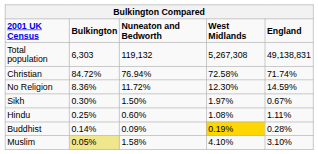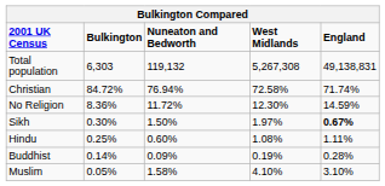 <table class="wikitable" style="float: right; margin-left: 2em; width: 40%; font-size: 90%;" cellspacing="3">
 <tr>
 <th colspan="5"><strong>Bulkington Compared</strong></th>
 </tr>
 <tr>
 <td><strong><a href='#'>2001 UK Census</a></strong></td>
 <td><strong>Bulkington</strong></td>
 <td><strong>Nuneaton and Bedworth</strong></td>
 <td '><strong>West Midlands</strong></td>
 <td><strong>England</strong></td>
 </tr>
 <tr>
 <td>Total population</td>
 <td>6,303</td>
 <td>119,132</td>
 <td>5,267,308</td>
 <td>49,138,831</td>
 </tr>
 <tr>
 <td>Christian</td>
 <td>84.72%</td>
 <td>76.94%</td>
 <td>72.58%</td>
 <td>71.74%</td>
 </tr>
 <tr>
 <td>No Religion</td>
 <td>8.36%</td>
 <td>11.72%</td>
 <td>12.30%</td>
 <td>14.59%</td>
 </tr>
 <tr>
 <td>Sikh</td>
 <td>0.30%</td>
 <td>1.50%</td>
 <td>1.97%</td>
-<td>0.67%</td>
+<td><strong>0.67%</strong></td>
 </tr>
 <tr>
 <td>Hindu</td>
 <td>0.25%</td>
 <td>0.60%</td>
 <td>1.08%</td>
 <td>1.11%</td>
 </tr>
 <tr>
 <td>Buddhist</td>
 <td>0.14%</td>
 <td>0.09%</td>
-<td style="background: gold;">0.19%</td>
+<td>0.19%</td>
 <td>0.28%</td>
 </tr>
 <tr>
 <td>Muslim</td>
-<td style="background: khaki;">0.05%</td>
+<td>0.05%</td>
 <td>1.58%</td>
 <td>4.10%</td>
 <td>3.10%</td>
 </tr>
 </table>
